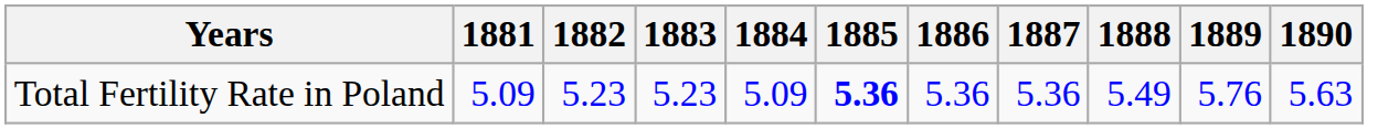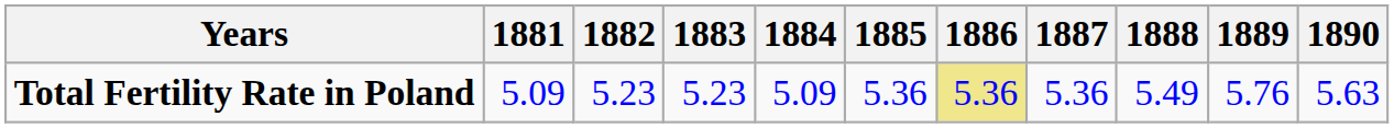 <table class="wikitable " style="text-align:right">
 <tr>
 <th>Years</th>
 <th>1881</th>
 <th>1882</th>
 <th>1883</th>
 <th>1884</th>
 <th>1885</th>
 <th>1886</th>
 <th>1887</th>
 <th>1888</th>
 <th>1889</th>
 <th>1890</th>
 </tr>
 <tr>
-<td align="left">Total Fertility Rate in Poland</td>
+<td align="left"><strong>Total Fertility Rate in Poland</strong></td>
 <td style="text-align:right; color:blue;">5.09</td>
 <td style="text-align:right; color:blue;">5.23</td>
 <td style="text-align:right; color:blue;">5.23</td>
 <td style="text-align:right; color:blue;">5.09</td>
-<td style="text-align:right; color:blue;"><strong>5.36</strong></td>
 <td style="text-align:right; color:blue;">5.36</td>
+<td style="background: khaki; text-align:right; color:blue;">5.36</td>
 <td style="text-align:right; color:blue;">5.36</td>
 <td style="text-align:right; color:blue;">5.49</td>
 <td style="text-align:right; color:blue;">5.76</td>
 <td style="text-align:right; color:blue;">5.63</td>
 </tr>
 </table>
